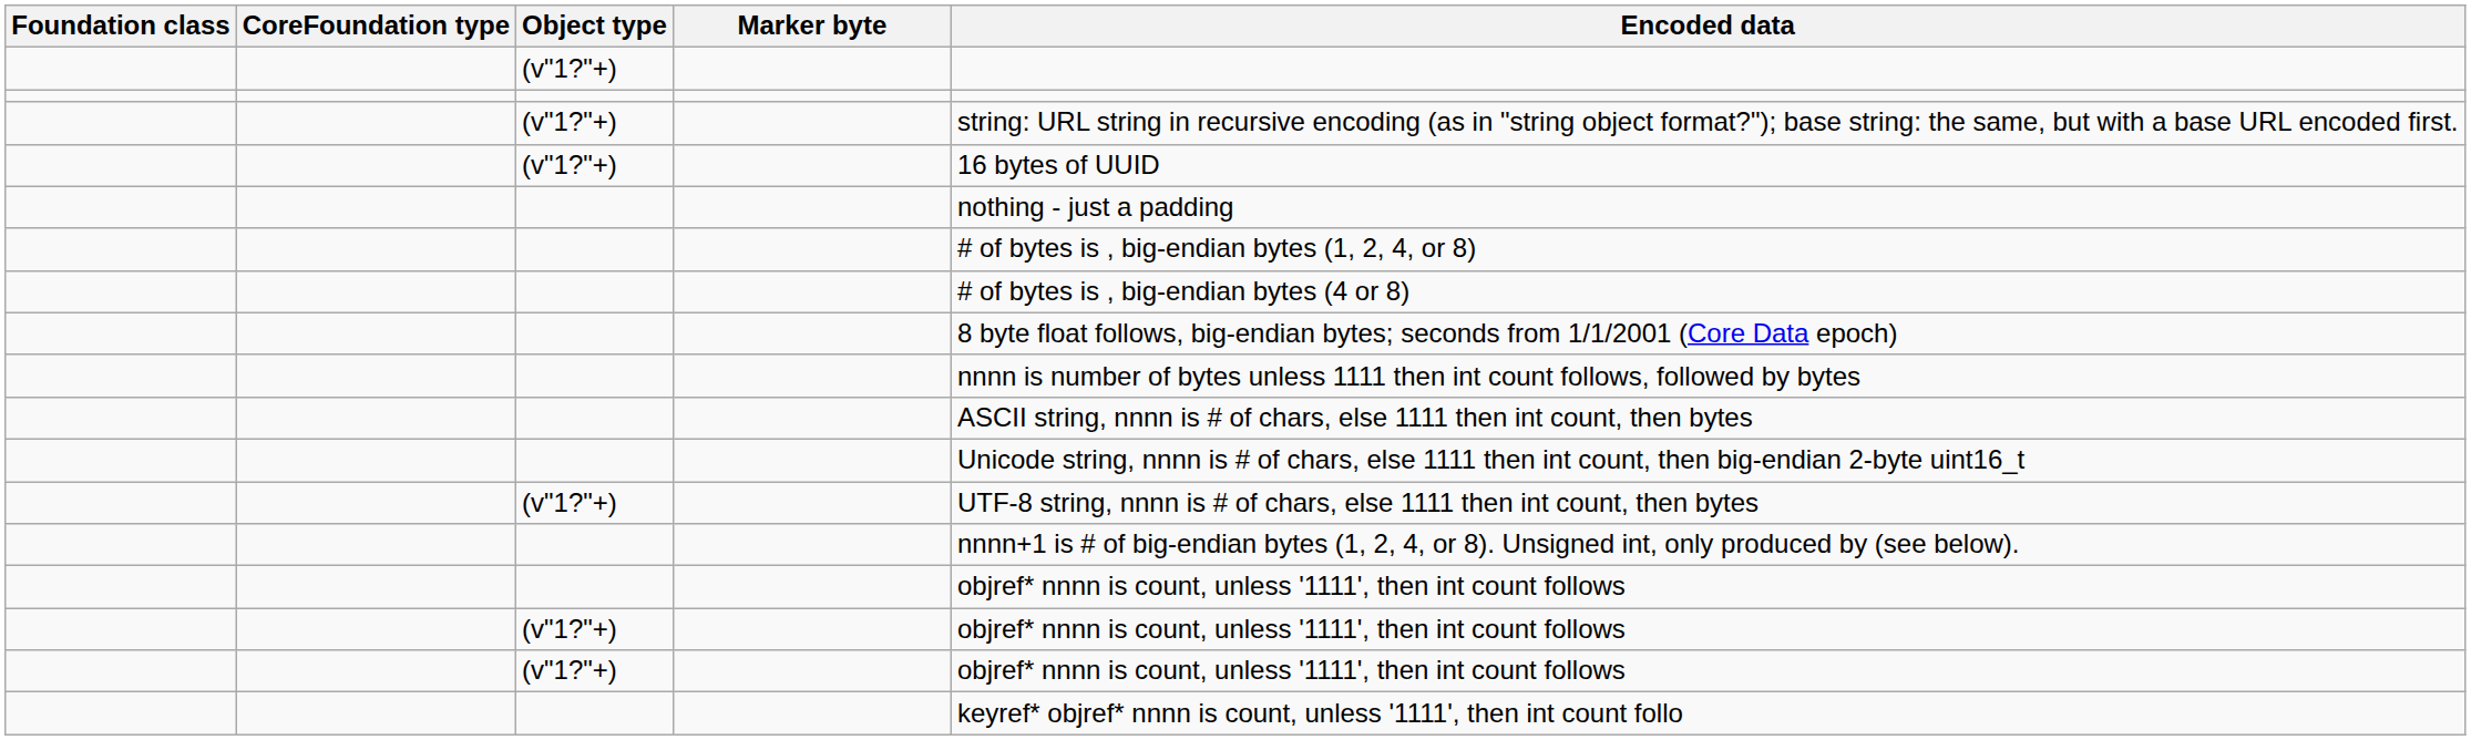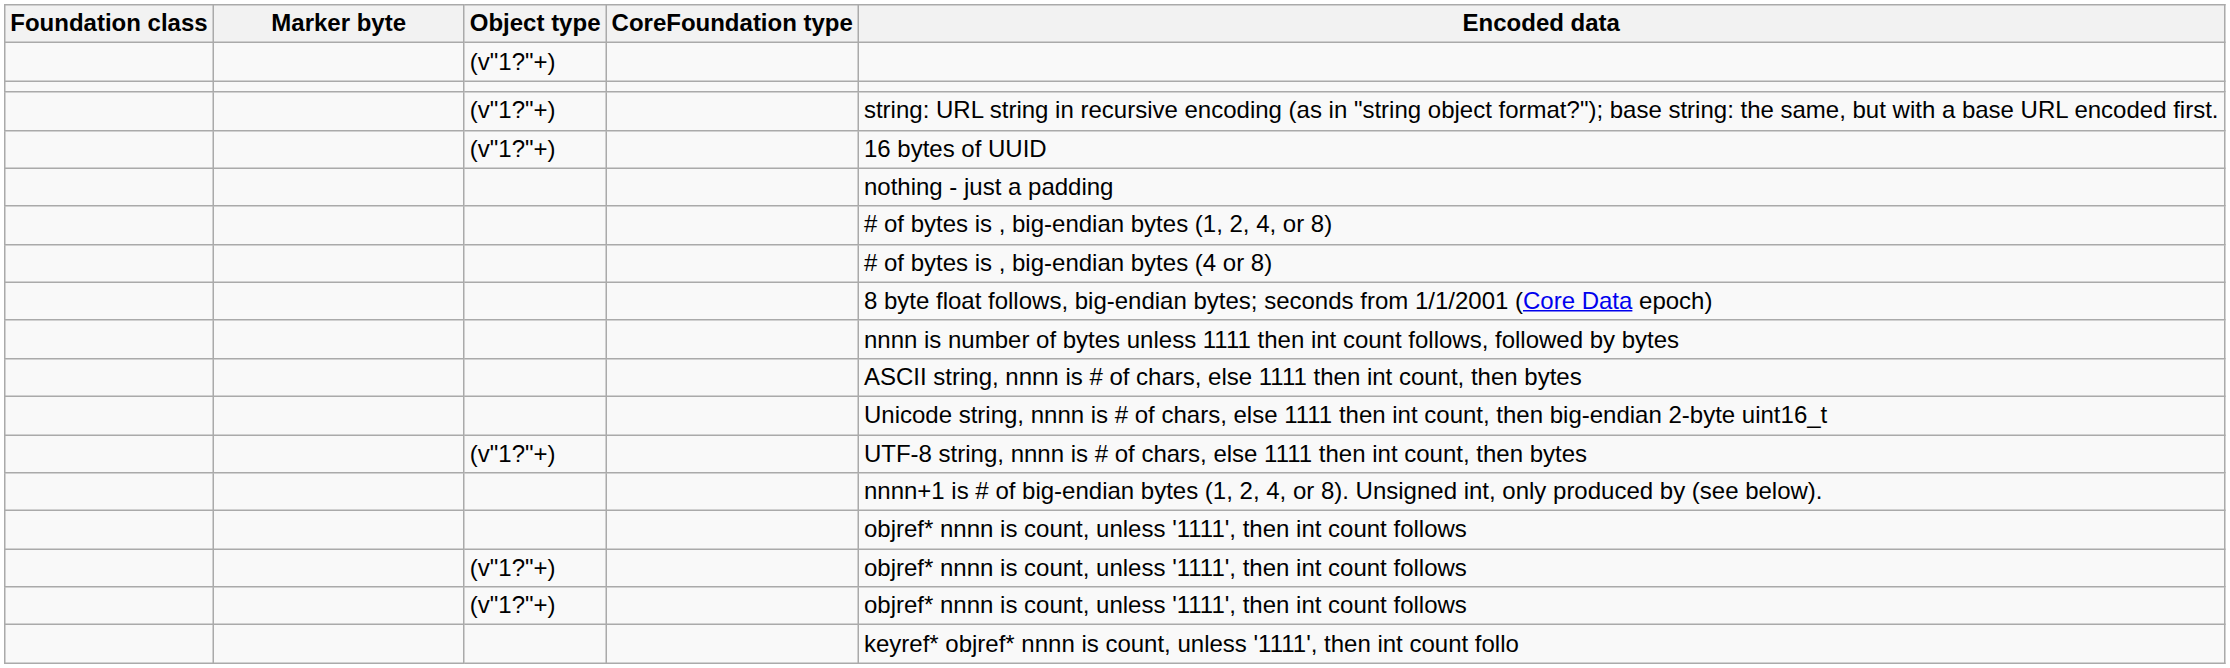 <table class="wikitable mw-collapsible">
 <tr>
 <th>Foundation class</th>
+<th>Marker byte</th>
+<th>Object type</th>
 <th>CoreFoundation type</th>
-<th>Object type</th>
-<th>Marker byte</th>
 <th>Encoded data</th>
 </tr>
 <tr>
 <td></td>
 <td></td>
 <td> (v"1?"+)</td>
 <td></td>
 <td></td>
 </tr>
 <tr>
 <td></td>
 <td></td>
 <td></td>
 <td></td>
 <td></td>
 </tr>
 <tr>
 <td></td>
+<td style="min-width:10em"></td>
+<td> (v"1?"+)</td>
 <td></td>
-<td> (v"1?"+)</td>
-<td style="min-width:10em"></td>
 <td>string: URL string in recursive encoding (as in "string object format?"); base string: the same, but with a base URL encoded first.</td>
 </tr>
 <tr>
 <td></td>
 <td></td>
 <td> (v"1?"+)</td>
 <td></td>
 <td>16 bytes of UUID</td>
 </tr>
 <tr>
 <td></td>
 <td></td>
 <td></td>
 <td></td>
 <td>nothing - just a padding</td>
 </tr>
 <tr>
 <td></td>
 <td></td>
 <td></td>
 <td></td>
 <td># of bytes is , big-endian bytes (1, 2, 4, or 8)</td>
 </tr>
 <tr>
 <td></td>
 <td></td>
 <td></td>
 <td></td>
 <td># of bytes is , big-endian bytes (4 or 8)</td>
 </tr>
 <tr>
 <td></td>
 <td></td>
 <td></td>
 <td></td>
 <td>8 byte float follows, big-endian bytes; seconds from 1/1/2001 (<a href='#'>Core Data</a> epoch)</td>
 </tr>
 <tr>
 <td></td>
 <td></td>
 <td></td>
 <td></td>
 <td>nnnn is number of bytes unless 1111 then int count follows, followed by bytes</td>
 </tr>
 <tr>
 <td></td>
 <td></td>
 <td></td>
 <td></td>
 <td>ASCII string, nnnn is # of chars, else 1111 then int count, then bytes</td>
 </tr>
 <tr>
 <td></td>
 <td></td>
 <td></td>
 <td></td>
 <td>Unicode string, nnnn is # of chars, else 1111 then int count, then big-endian 2-byte uint16_t</td>
 </tr>
 <tr>
 <td></td>
 <td></td>
 <td> (v"1?"+)</td>
 <td></td>
 <td>UTF-8 string, nnnn is # of chars, else 1111 then int count, then bytes</td>
 </tr>
 <tr>
 <td></td>
 <td></td>
 <td></td>
 <td></td>
 <td>nnnn+1 is # of big-endian bytes (1, 2, 4, or 8). Unsigned int, only produced by  (see below).</td>
 </tr>
 <tr>
 <td></td>
 <td></td>
 <td></td>
 <td></td>
 <td>objref* nnnn is count, unless '1111', then int count follows</td>
 </tr>
 <tr>
 <td></td>
 <td></td>
 <td> (v"1?"+)</td>
 <td></td>
 <td>objref* nnnn is count, unless '1111', then int count follows</td>
 </tr>
 <tr>
 <td></td>
 <td></td>
 <td> (v"1?"+)</td>
 <td></td>
 <td>objref* nnnn is count, unless '1111', then int count follows</td>
 </tr>
 <tr>
 <td></td>
 <td></td>
 <td></td>
 <td></td>
 <td>keyref* objref* nnnn is count, unless '1111', then int count follo</td>
 </tr>
 </table>
